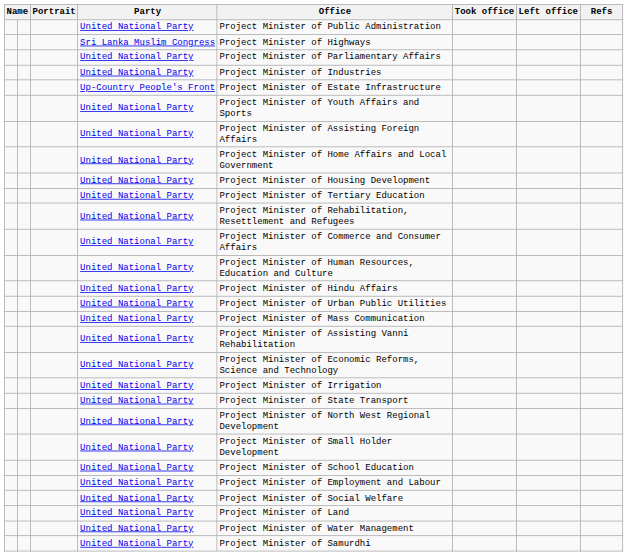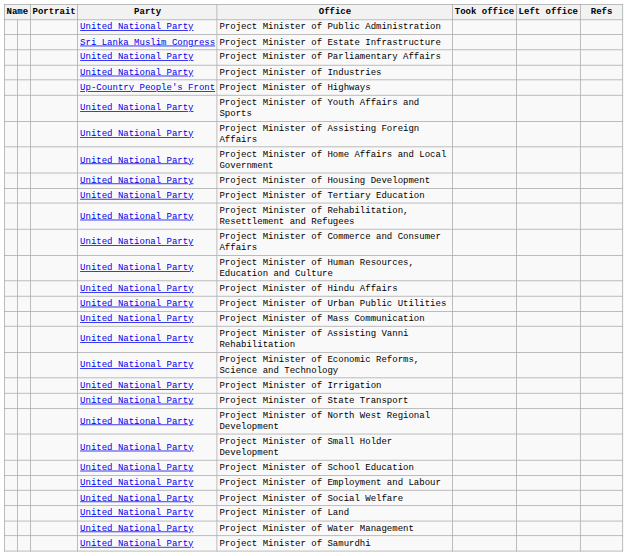 <table class="wikitable plainrowheaders sortable" style="font-size:90%; text-align:left;">
 <tr>
 <th scope=col colspan="2">Name</th>
 <th scope=col class=unsortable>Portrait</th>
 <th scope=col>Party</th>
 <th scope=col width=300px>Office</th>
 <th scope=col>Took office</th>
 <th scope=col>Left office</th>
 <th scope=col width=50px class=unsortable>Refs</th>
 </tr>
 <tr>
 <td style="background:"></td>
 <td></td>
 <td align=center></td>
 <td><a href='#'>United National Party</a></td>
 <td>Project Minister of Public Administration</td>
 <td align=center></td>
 <td></td>
 <td align=center></td>
 </tr>
 <tr>
 <td style="background:"></td>
 <td></td>
 <td align=center></td>
 <td><a href='#'>Sri Lanka Muslim Congress</a></td>
-<td>Project Minister of Highways</td>
+<td>Project Minister of Estate Infrastructure</td>
 <td align=center></td>
 <td></td>
 <td align=center></td>
 </tr>
 <tr>
 <td style="background:"></td>
 <td></td>
 <td align=center></td>
 <td><a href='#'>United National Party</a></td>
 <td>Project Minister of Parliamentary Affairs</td>
 <td align=center></td>
 <td></td>
 <td align=center></td>
 </tr>
 <tr>
 <td style="background:"></td>
 <td></td>
 <td align=center></td>
 <td><a href='#'>United National Party</a></td>
 <td>Project Minister of Industries</td>
 <td align=center></td>
 <td></td>
 <td align=center></td>
 </tr>
 <tr>
 <td style="background:"></td>
 <td></td>
 <td align=center></td>
 <td><a href='#'>Up-Country People's Front</a></td>
-<td>Project Minister of Estate Infrastructure</td>
+<td>Project Minister of Highways</td>
 <td align=center></td>
 <td></td>
 <td align=center></td>
 </tr>
 <tr>
 <td style="background:"></td>
 <td></td>
 <td align=center></td>
 <td><a href='#'>United National Party</a></td>
 <td>Project Minister of Youth Affairs and Sports</td>
 <td align=center></td>
 <td></td>
 <td align=center></td>
 </tr>
 <tr>
 <td style="background:"></td>
 <td></td>
 <td align=center></td>
 <td><a href='#'>United National Party</a></td>
 <td>Project Minister of Assisting Foreign Affairs</td>
 <td align=center></td>
 <td></td>
 <td align=center></td>
 </tr>
 <tr>
 <td style="background:"></td>
 <td></td>
 <td align=center></td>
 <td><a href='#'>United National Party</a></td>
 <td>Project Minister of Home Affairs and Local Government</td>
 <td align=center></td>
 <td></td>
 <td align=center></td>
 </tr>
 <tr>
 <td style="background:"></td>
 <td></td>
 <td align=center></td>
 <td><a href='#'>United National Party</a></td>
 <td>Project Minister of Housing Development</td>
 <td align=center></td>
 <td></td>
 <td align=center></td>
 </tr>
 <tr>
 <td style="background:"></td>
 <td></td>
 <td align=center></td>
 <td><a href='#'>United National Party</a></td>
 <td>Project Minister of Tertiary Education</td>
 <td align=center></td>
 <td></td>
 <td align=center></td>
 </tr>
 <tr>
 <td style="background:"></td>
 <td></td>
 <td align=center></td>
 <td><a href='#'>United National Party</a></td>
 <td>Project Minister of Rehabilitation, Resettlement and Refugees</td>
 <td align=center></td>
 <td></td>
 <td align=center></td>
 </tr>
 <tr>
 <td style="background:"></td>
 <td></td>
 <td align=center></td>
 <td><a href='#'>United National Party</a></td>
 <td>Project Minister of Commerce and Consumer Affairs</td>
 <td align=center></td>
 <td></td>
 <td align=center></td>
 </tr>
 <tr>
 <td style="background:"></td>
 <td></td>
 <td align=center></td>
 <td><a href='#'>United National Party</a></td>
 <td>Project Minister of Human Resources, Education and Culture</td>
 <td align=center></td>
 <td></td>
 <td align=center></td>
 </tr>
 <tr>
 <td style="background:"></td>
 <td></td>
 <td align=center></td>
 <td><a href='#'>United National Party</a></td>
 <td>Project Minister of Hindu Affairs</td>
 <td align=center></td>
 <td></td>
 <td align=center></td>
 </tr>
 <tr>
 <td style="background:"></td>
 <td></td>
 <td align=center></td>
 <td><a href='#'>United National Party</a></td>
 <td>Project Minister of Urban Public Utilities</td>
 <td align=center></td>
 <td></td>
 <td align=center></td>
 </tr>
 <tr>
 <td style="background:"></td>
 <td></td>
 <td align=center></td>
 <td><a href='#'>United National Party</a></td>
 <td>Project Minister of Mass Communication</td>
 <td align=center></td>
 <td align=center></td>
 <td align=center></td>
 </tr>
 <tr>
 <td style="background:"></td>
 <td></td>
 <td align=center></td>
 <td><a href='#'>United National Party</a></td>
 <td>Project Minister of Assisting Vanni Rehabilitation</td>
 <td align=center></td>
 <td></td>
 <td align=center></td>
 </tr>
 <tr>
 <td style="background:"></td>
 <td></td>
 <td align=center></td>
 <td><a href='#'>United National Party</a></td>
 <td>Project Minister of Economic Reforms, Science and Technology</td>
 <td align=center></td>
 <td></td>
 <td align=center></td>
 </tr>
 <tr>
 <td style="background:"></td>
 <td></td>
 <td align=center></td>
 <td><a href='#'>United National Party</a></td>
 <td>Project Minister of Irrigation</td>
 <td align=center></td>
 <td></td>
 <td align=center></td>
 </tr>
 <tr>
 <td style="background:"></td>
 <td></td>
 <td align=center></td>
 <td><a href='#'>United National Party</a></td>
 <td>Project Minister of State Transport</td>
 <td align=center></td>
 <td></td>
 <td align=center></td>
 </tr>
 <tr>
 <td style="background:"></td>
 <td></td>
 <td align=center></td>
 <td><a href='#'>United National Party</a></td>
 <td>Project Minister of North West Regional Development</td>
 <td align=center></td>
 <td></td>
 <td align=center></td>
 </tr>
 <tr>
 <td style="background:"></td>
 <td></td>
 <td align=center></td>
 <td><a href='#'>United National Party</a></td>
 <td>Project Minister of Small Holder Development</td>
 <td align=center></td>
 <td></td>
 <td align=center></td>
 </tr>
 <tr>
 <td style="background:"></td>
 <td></td>
 <td align=center></td>
 <td><a href='#'>United National Party</a></td>
 <td>Project Minister of School Education</td>
 <td align=center></td>
 <td></td>
 <td align=center></td>
 </tr>
 <tr>
 <td style="background:"></td>
 <td></td>
 <td align=center></td>
 <td><a href='#'>United National Party</a></td>
 <td>Project Minister of Employment and Labour</td>
 <td align=center></td>
 <td></td>
 <td align=center></td>
 </tr>
 <tr>
 <td style="background:"></td>
 <td></td>
 <td align=center></td>
 <td><a href='#'>United National Party</a></td>
 <td>Project Minister of Social Welfare</td>
 <td align=center></td>
 <td></td>
 <td align=center></td>
 </tr>
 <tr>
 <td style="background:"></td>
 <td></td>
 <td align=center></td>
 <td><a href='#'>United National Party</a></td>
 <td>Project Minister of Land</td>
 <td align=center></td>
 <td></td>
 <td align=center></td>
 </tr>
 <tr>
 <td style="background:"></td>
 <td></td>
 <td align=center></td>
 <td><a href='#'>United National Party</a></td>
 <td>Project Minister of Water Management</td>
 <td align=center></td>
 <td></td>
 <td align=center></td>
 </tr>
 <tr>
 <td style="background:"></td>
 <td></td>
 <td align=center></td>
 <td><a href='#'>United National Party</a></td>
 <td>Project Minister of Samurdhi</td>
 <td align=center></td>
 <td></td>
 <td align=center></td>
 </tr>
 </table>
